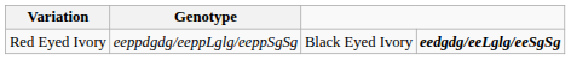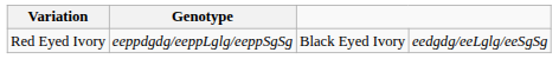 <table class="wikitable" style="margin:1em auto;">
 <tr>
 <th>Variation</th>
 <th>Genotype</th>
 </tr>
 <tr>
 <td>Red Eyed Ivory</td>
 <td><em>eeppdgdg/eeppLglg/eeppSgSg</em></td>
 <td>Black Eyed Ivory</td>
-<td><strong><em>eedgdg/eeLglg/eeSgSg</em></strong></td>
+<td><em>eedgdg/eeLglg/eeSgSg</em></td>
 </tr>
 </table>
